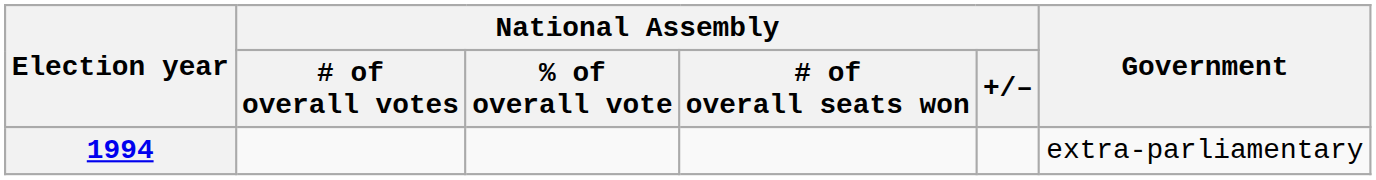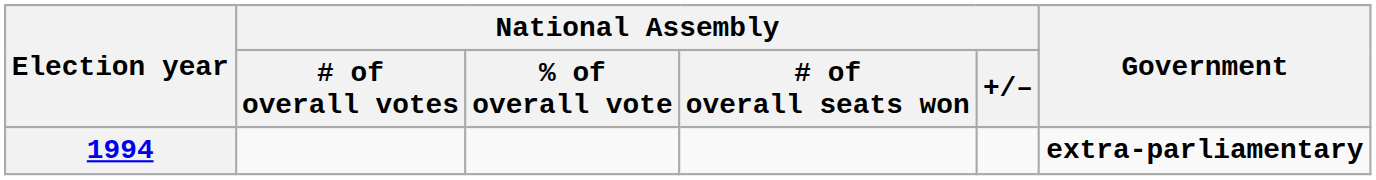 <table class=wikitable>
 <tr>
 <th rowspan=2>Election year</th>
 <th colspan=4>National Assembly</th>
 <th rowspan=2>Government</th>
 </tr>
 <tr>
 <th># of<br>overall votes</th>
 <th>% of<br>overall vote</th>
 <th># of<br>overall seats won</th>
 <th>+/–</th>
 </tr>
 <tr>
 <th><a href='#'>1994</a></th>
 <td></td>
 <td></td>
 <td></td>
 <td></td>
-<td>extra-parliamentary</td>
+<td><strong>extra-parliamentary</strong></td>
 </tr>
 </table>
